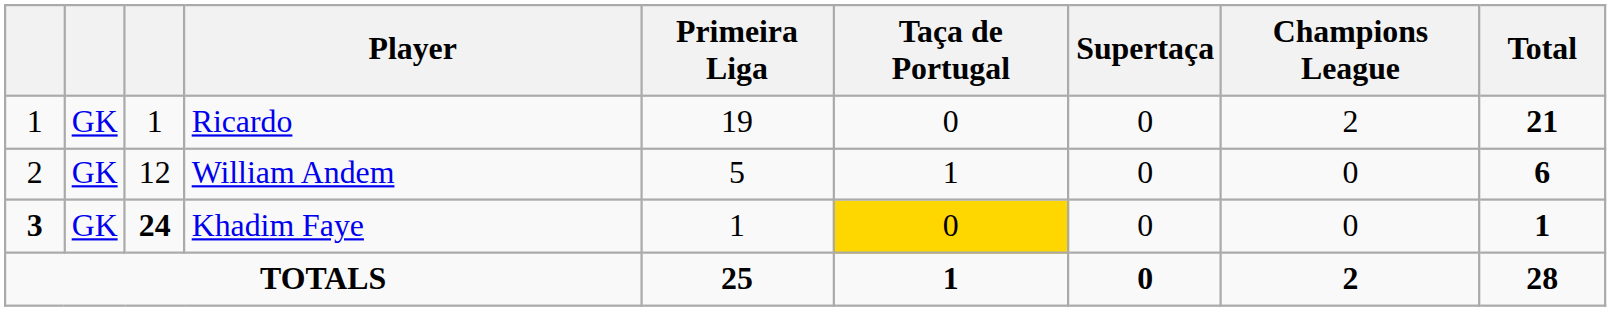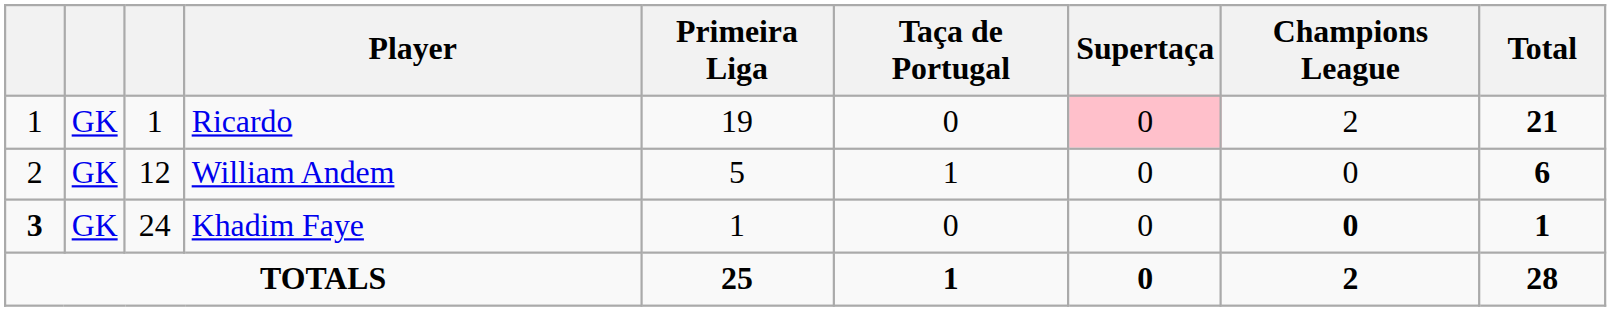 <table class="wikitable" style="font-size: 90%; text-align: center;">
 <tr>
 <th width=20></th>
 <th width=20></th>
 <th width=20></th>
 <th width=200>Player</th>
 <th width=80>Primeira Liga</th>
 <th width=100>Taça de Portugal</th>
 <th width=50>Supertaça</th>
 <th width=110>Champions League</th>
 <th width=50>Total</th>
 </tr>
 <tr>
 <td>1</td>
 <td><a href='#'>GK</a></td>
 <td>1</td>
 <td align=left> <a href='#'>Ricardo</a></td>
 <td>19</td>
 <td>0</td>
-<td>0</td>
+<td style="background: pink;">0</td>
 <td>2</td>
 <td><strong>21</strong></td>
 </tr>
 <tr>
 <td>2</td>
 <td><a href='#'>GK</a></td>
 <td>12</td>
 <td align=left> <a href='#'>William Andem</a></td>
 <td>5</td>
 <td>1</td>
 <td>0</td>
 <td>0</td>
 <td><strong>6</strong></td>
 </tr>
 <tr>
 <td><strong>3</strong></td>
 <td><a href='#'>GK</a></td>
-<td><strong>24</strong></td>
+<td>24</td>
 <td align=left> <a href='#'>Khadim Faye</a></td>
 <td>1</td>
-<td style="background: gold;">0</td>
 <td>0</td>
 <td>0</td>
+<td><strong>0</strong></td>
 <td><strong>1</strong></td>
 </tr>
 <tr>
 <td colspan="4"><strong>TOTALS</strong></td>
 <td><strong>25</strong></td>
 <td><strong>1</strong></td>
 <td><strong>0</strong></td>
 <td><strong>2</strong></td>
 <td><strong>28</strong></td>
 </tr>
 </table>
